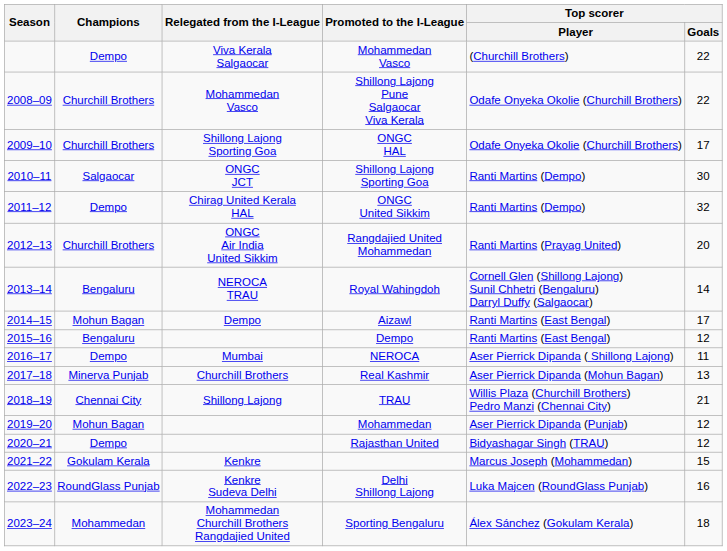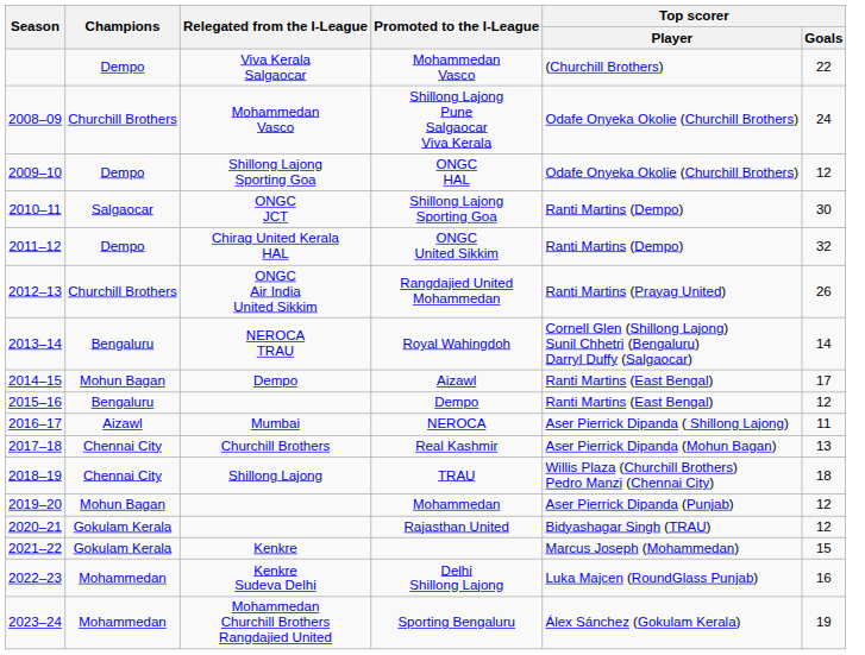 <table class="wikitable" style="text-align:center">
 <tr>
 <th rowspan=2>Season</th>
 <th rowspan=2>Champions</th>
 <th rowspan=2>Relegated from the I-League</th>
 <th rowspan=2>Promoted to the I-League</th>
 <th colspan=2>Top scorer</th>
 </tr>
 <tr>
 <th>Player</th>
 <th>Goals</th>
 </tr>
 <tr>
 <td></td>
 <td><a href='#'>Dempo</a></td>
 <td><a href='#'>Viva Kerala</a><br><a href='#'>Salgaocar</a></td>
 <td><a href='#'>Mohammedan</a><br><a href='#'>Vasco</a></td>
 <td align=left> (<a href='#'>Churchill Brothers</a>)</td>
 <td>22</td>
 </tr>
 <tr>
 <td><a href='#'>2008–09</a></td>
 <td><a href='#'>Churchill Brothers</a></td>
 <td><a href='#'>Mohammedan</a><br><a href='#'>Vasco</a></td>
 <td><a href='#'>Shillong Lajong</a> <br><a href='#'>Pune</a><br><a href='#'>Salgaocar</a><br><a href='#'>Viva Kerala</a></td>
 <td align=left><a href='#'>Odafe Onyeka Okolie</a> (<a href='#'>Churchill Brothers</a>)</td>
-<td>22</td>
+<td>24</td>
 </tr>
 <tr>
 <td><a href='#'>2009–10</a></td>
-<td><a href='#'>Churchill Brothers</a></td>
+<td><a href='#'>Dempo</a></td>
 <td><a href='#'>Shillong Lajong</a> <br><a href='#'>Sporting Goa</a></td>
 <td><a href='#'>ONGC</a><br><a href='#'>HAL</a></td>
 <td align=left><a href='#'>Odafe Onyeka Okolie</a> (<a href='#'>Churchill Brothers</a>)</td>
-<td>17</td>
+<td>12</td>
 </tr>
 <tr>
 <td><a href='#'>2010–11</a></td>
 <td><a href='#'>Salgaocar</a></td>
 <td><a href='#'>ONGC</a><br><a href='#'>JCT</a></td>
 <td><a href='#'>Shillong Lajong</a> <br><a href='#'>Sporting Goa</a></td>
 <td align=left><a href='#'>Ranti Martins</a> (<a href='#'>Dempo</a>)</td>
 <td>30</td>
 </tr>
 <tr>
 <td><a href='#'>2011–12</a></td>
 <td><a href='#'>Dempo</a></td>
 <td><a href='#'>Chirag United Kerala</a><br><a href='#'>HAL</a></td>
 <td><a href='#'>ONGC</a> <br><a href='#'>United Sikkim</a></td>
 <td align=left><a href='#'>Ranti Martins</a> (<a href='#'>Dempo</a>)</td>
 <td>32</td>
 </tr>
 <tr>
 <td><a href='#'>2012–13</a></td>
 <td><a href='#'>Churchill Brothers</a></td>
 <td><a href='#'>ONGC</a><br><a href='#'>Air India</a><br><a href='#'>United Sikkim</a></td>
 <td><a href='#'>Rangdajied United</a><br><a href='#'>Mohammedan</a></td>
 <td align=left><a href='#'>Ranti Martins</a> (<a href='#'>Prayag United</a>)</td>
-<td>20</td>
+<td>26</td>
 </tr>
 <tr>
 <td><a href='#'>2013–14</a></td>
 <td><a href='#'>Bengaluru</a></td>
 <td><a href='#'>NEROCA</a><br><a href='#'>TRAU</a></td>
 <td><a href='#'>Royal Wahingdoh</a></td>
 <td align=left><a href='#'>Cornell Glen</a> (<a href='#'>Shillong Lajong</a>)<br><a href='#'>Sunil Chhetri</a> (<a href='#'>Bengaluru</a>)<br><a href='#'>Darryl Duffy</a> (<a href='#'>Salgaocar</a>)</td>
 <td>14</td>
 </tr>
 <tr>
 <td><a href='#'>2014–15</a></td>
 <td><a href='#'>Mohun Bagan</a></td>
 <td><a href='#'>Dempo</a></td>
 <td><a href='#'>Aizawl</a></td>
 <td align=left><a href='#'>Ranti Martins</a> (<a href='#'>East Bengal</a>)</td>
 <td>17</td>
 </tr>
 <tr>
 <td><a href='#'>2015–16</a></td>
 <td><a href='#'>Bengaluru</a></td>
 <td></td>
 <td><a href='#'>Dempo</a></td>
 <td align=left><a href='#'>Ranti Martins</a> (<a href='#'>East Bengal</a>)</td>
 <td>12</td>
 </tr>
 <tr>
 <td><a href='#'>2016–17</a></td>
-<td><a href='#'>Dempo</a></td>
+<td><a href='#'>Aizawl</a></td>
 <td><a href='#'>Mumbai</a></td>
 <td><a href='#'>NEROCA</a></td>
 <td align=left><a href='#'>Aser Pierrick Dipanda</a> (<a href='#'> Shillong Lajong</a>)</td>
 <td>11</td>
 </tr>
 <tr>
 <td><a href='#'>2017–18</a></td>
-<td><a href='#'>Minerva Punjab</a></td>
+<td><a href='#'>Chennai City</a></td>
 <td><a href='#'>Churchill Brothers</a></td>
 <td><a href='#'>Real Kashmir</a></td>
 <td align=left><a href='#'>Aser Pierrick Dipanda</a> (<a href='#'>Mohun Bagan</a>)</td>
 <td>13</td>
 </tr>
 <tr>
 <td><a href='#'>2018–19</a></td>
 <td><a href='#'>Chennai City</a></td>
 <td><a href='#'>Shillong Lajong</a></td>
 <td><a href='#'>TRAU</a></td>
 <td align=left><a href='#'>Willis Plaza</a> (<a href='#'>Churchill Brothers</a>) <br><a href='#'>Pedro Manzi</a> (<a href='#'>Chennai City</a>)</td>
-<td>21</td>
+<td>18</td>
 </tr>
 <tr>
 <td><a href='#'>2019–20</a></td>
 <td><a href='#'>Mohun Bagan</a></td>
 <td></td>
 <td><a href='#'>Mohammedan</a></td>
 <td align=left><a href='#'>Aser Pierrick Dipanda</a> (<a href='#'>Punjab</a>)</td>
 <td>12</td>
 </tr>
 <tr>
 <td><a href='#'>2020–21</a></td>
-<td><a href='#'>Dempo</a></td>
+<td><a href='#'>Gokulam Kerala</a></td>
 <td></td>
 <td><a href='#'>Rajasthan United</a></td>
 <td align=left><a href='#'>Bidyashagar Singh</a> (<a href='#'>TRAU</a>)</td>
 <td>12</td>
 </tr>
 <tr>
 <td><a href='#'>2021–22</a></td>
 <td><a href='#'>Gokulam Kerala</a></td>
 <td><a href='#'>Kenkre</a></td>
 <td></td>
 <td align=left><a href='#'>Marcus Joseph</a> (<a href='#'>Mohammedan</a>)</td>
 <td>15</td>
 </tr>
 <tr>
 <td><a href='#'>2022–23</a></td>
-<td><a href='#'>RoundGlass Punjab</a></td>
+<td><a href='#'>Mohammedan</a></td>
 <td><a href='#'>Kenkre</a><br><a href='#'>Sudeva Delhi</a></td>
 <td><a href='#'>Delhi</a><br><a href='#'>Shillong Lajong</a></td>
 <td align=left><a href='#'>Luka Majcen</a> (<a href='#'>RoundGlass Punjab</a>)</td>
 <td>16</td>
 </tr>
 <tr>
 <td><a href='#'>2023–24</a></td>
 <td><a href='#'>Mohammedan</a></td>
 <td><a href='#'>Mohammedan</a><br><a href='#'>Churchill Brothers</a><br><a href='#'>Rangdajied United</a></td>
 <td><a href='#'>Sporting Bengaluru</a></td>
 <td align=left><a href='#'>Álex Sánchez</a> (<a href='#'>Gokulam Kerala</a>)</td>
-<td>18</td>
+<td>19</td>
 </tr>
 </table>
